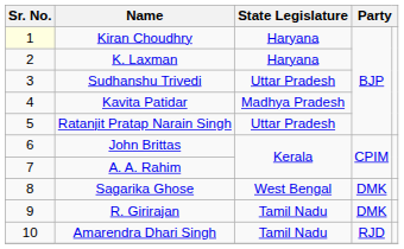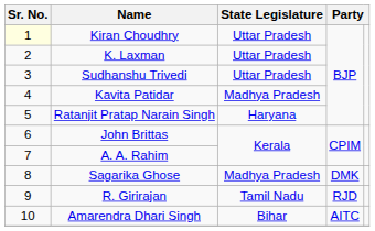 <table class="wikitable sortable">
 <tr>
 <th>Sr. No.</th>
 <th>Name </th>
 <th>State Legislature</th>
 <th colspan="2">Party</th>
 </tr>
 <tr align="center">
 <td style="background: lightyellow;">1</td>
 <td><a href='#'>Kiran Choudhry</a></td>
-<td><a href='#'>Haryana</a></td>
+<td><a href='#'>Uttar Pradesh</a></td>
 <td rowspan="5"><a href='#'>BJP</a></td>
 <td rowspan="5"></td>
 </tr>
 <tr align="center">
 <td>2</td>
 <td><a href='#'>K. Laxman</a></td>
-<td><a href='#'>Haryana</a></td>
+<td><a href='#'>Uttar Pradesh</a></td>
 </tr>
 <tr align="center">
 <td>3</td>
 <td><a href='#'>Sudhanshu Trivedi</a></td>
 <td><a href='#'>Uttar Pradesh</a></td>
 </tr>
 <tr align="center">
 <td>4</td>
 <td><a href='#'>Kavita Patidar</a></td>
 <td><a href='#'>Madhya Pradesh</a></td>
 </tr>
 <tr align="center">
 <td>5</td>
 <td><a href='#'>Ratanjit Pratap Narain Singh</a></td>
-<td><a href='#'>Uttar Pradesh</a></td>
+<td><a href='#'>Haryana</a></td>
 </tr>
 <tr align="center">
 <td>6</td>
 <td><a href='#'>John Brittas</a></td>
 <td rowspan=2><a href='#'>Kerala</a></td>
 <td rowspan=2><a href='#'>CPIM</a></td>
 <td rowspan=2></td>
 </tr>
 <tr align="center">
 <td>7</td>
 <td><a href='#'>A. A. Rahim</a></td>
 </tr>
 <tr align="center">
 <td>8</td>
 <td><a href='#'>Sagarika Ghose</a></td>
-<td><a href='#'>West Bengal</a></td>
+<td><a href='#'>Madhya Pradesh</a></td>
 <td rowspan="1"><a href='#'>DMK</a></td>
 <td rowspan="1"></td>
 </tr>
 <tr align="center">
 <td>9</td>
 <td><a href='#'>R. Girirajan</a></td>
 <td><a href='#'>Tamil Nadu</a></td>
-<td rowspan="1"><a href='#'>DMK</a></td>
+<td><a href='#'>RJD</a></td>
 <td rowspan="1"></td>
 </tr>
 <tr align="center">
 <td>10</td>
 <td><a href='#'>Amarendra Dhari Singh</a></td>
-<td><a href='#'>Tamil Nadu</a></td>
-<td><a href='#'>RJD</a></td>
+<td><a href='#'>Bihar</a></td>
+<td rowspan="1"><a href='#'>AITC</a></td>
 <td></td>
 </tr>
 <tr align="center">
 </tr>
 </table>
